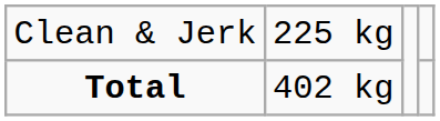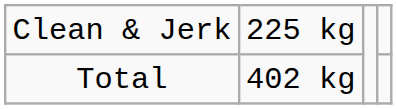 <table class = "wikitable" style="text-align:center;">
 <tr>
 <td>Clean & Jerk</td>
 <td>225 kg</td>
 <td align=left rowspan=2></td>
 <td></td>
 </tr>
 <tr>
-<td><strong>Total</strong></td>
+<td>Total</td>
 <td>402 kg</td>
 <td></td>
 </tr>
 </table>
